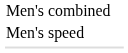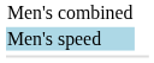 <table>
 <tr>
 <td>Men's combined<br></td>
 <td></td>
 <td></td>
 <td></td>
 </tr>
 <tr>
-<td>Men's speed<br></td>
+<td style="background: lightblue;">Men's speed<br></td>
 <td></td>
 <td></td>
 <td></td>
 </tr>
 <tr>
 </tr>
 <tr bgcolor=#DDDDDD>
 <td colspan=7></td>
 </tr>
 <tr>
 <td><br></td>
 <td></td>
 <td></td>
 <td></td>
 </tr>
 <tr>
 <td><br></td>
 <td></td>
 <td></td>
 <td></td>
 </tr>
 </table>
